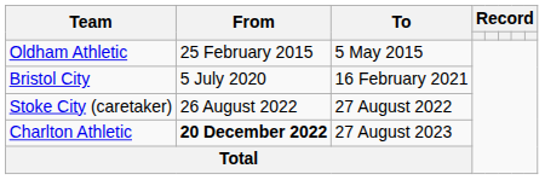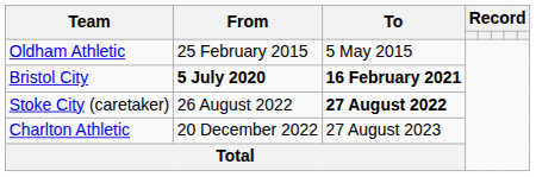 <table class=wikitable style=text-align:center>
 <tr>
 <th rowspan=2>Team</th>
 <th rowspan=2>From</th>
 <th rowspan=2>To</th>
 <th colspan=5>Record</th>
 </tr>
 <tr>
 <th></th>
 <th></th>
 <th></th>
 <th></th>
 <th></th>
 </tr>
 <tr>
 <td align=left><a href='#'>Oldham Athletic</a></td>
 <td align=left>25 February 2015</td>
 <td align=left>5 May 2015<br></td>
 </tr>
 <tr>
 <td align=left><a href='#'>Bristol City</a></td>
-<td align=left>5 July 2020</td>
-<td align=left>16 February 2021<br></td>
+<td align=left><strong>5 July 2020</strong></td>
+<td align=left><strong>16 February 2021<br></strong></td>
 </tr>
 <tr>
 <td align=left><a href='#'>Stoke City</a> (caretaker)</td>
 <td align=left>26 August 2022</td>
-<td align=left>27 August 2022<br></td>
+<td align=left><strong>27 August 2022<br></strong></td>
 </tr>
 <tr>
 <td align=left><a href='#'>Charlton Athletic</a></td>
-<td align=left><strong>20 December 2022</strong></td>
+<td align=left>20 December 2022</td>
 <td align=left>27 August 2023<br></td>
 </tr>
 <tr>
 <th colspan=3>Total<br></th>
 </tr>
 </table>
